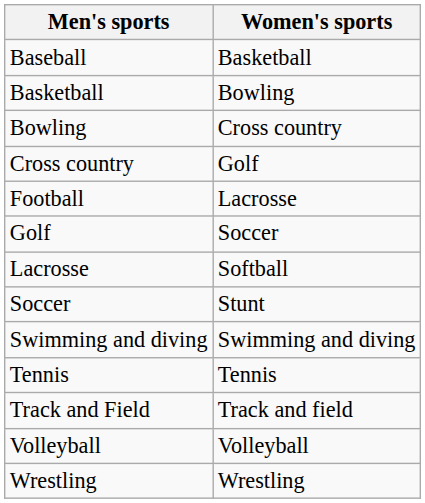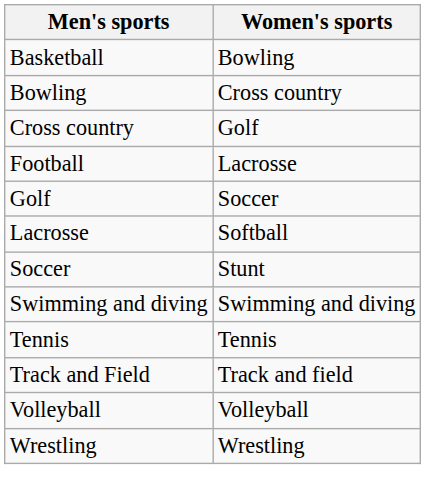 <table class= wikitable>
 <tr>
 <th width=px>Men's sports</th>
 <th width=px>Women's sports</th>
-</tr>
-<tr>
-<td>Baseball</td>
-<td>Basketball</td>
 </tr>
 <tr>
 <td>Basketball</td>
 <td>Bowling</td>
 </tr>
 <tr>
 <td>Bowling</td>
 <td>Cross country</td>
 </tr>
 <tr>
 <td>Cross country</td>
 <td>Golf</td>
 </tr>
 <tr>
 <td>Football</td>
 <td>Lacrosse</td>
 </tr>
 <tr>
 <td>Golf</td>
 <td>Soccer</td>
 </tr>
 <tr>
 <td>Lacrosse</td>
 <td>Softball</td>
 </tr>
 <tr>
 <td>Soccer</td>
 <td>Stunt</td>
 </tr>
 <tr>
 <td>Swimming and diving</td>
 <td>Swimming and diving</td>
 </tr>
 <tr>
 <td>Tennis</td>
 <td>Tennis</td>
 </tr>
 <tr>
 <td>Track and Field</td>
 <td>Track and field</td>
 </tr>
 <tr>
 <td>Volleyball</td>
 <td>Volleyball</td>
 </tr>
 <tr>
 <td>Wrestling</td>
 <td>Wrestling</td>
 </tr>
 </table>
